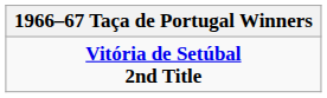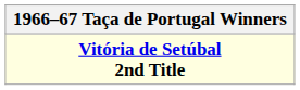 <table class="wikitable" style="text-align: center; margin: 0 auto; width: 20%">
 <tr>
 <th>1966–67 Taça de Portugal Winners</th>
 </tr>
 <tr>
-<td><strong><a href='#'>Vitória de Setúbal</a></strong><br><strong>2nd Title</strong></td>
+<td style="background: lightyellow;"><strong><a href='#'>Vitória de Setúbal</a></strong><br><strong>2nd Title</strong></td>
 </tr>
 </table>
